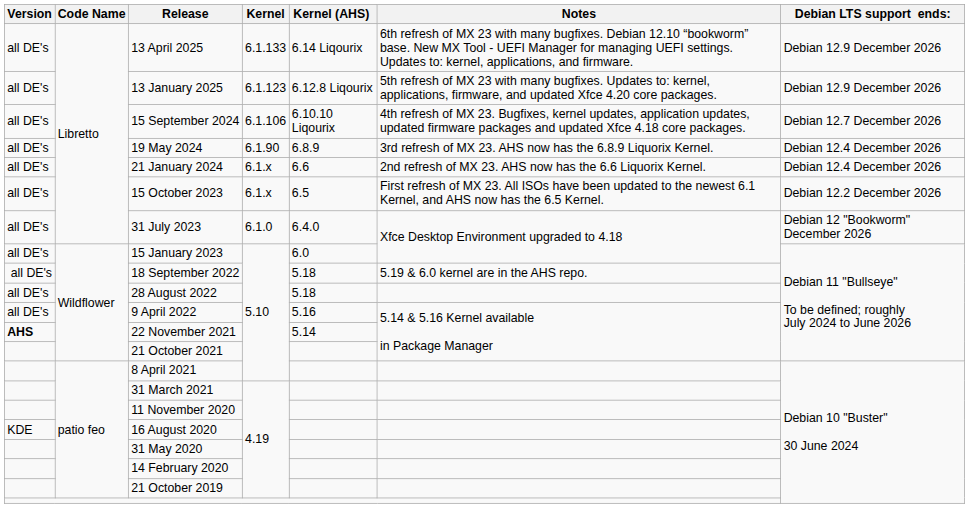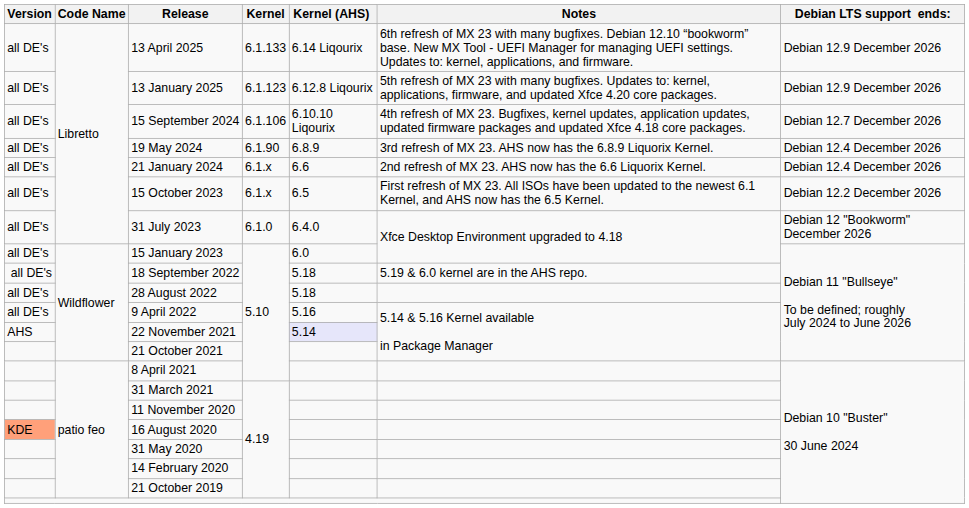 <table class="wikitable">
 <tr>
 <th>Version</th>
 <th>Code Name</th>
 <th>Release</th>
 <th>Kernel</th>
 <th>Kernel (AHS) </th>
 <th>Notes</th>
 <th>Debian LTS support  ends:</th>
 </tr>
 <tr>
 <td> all DE's</td>
 <td rowspan="7">Libretto</td>
 <td>13 April 2025</td>
 <td>6.1.133</td>
 <td>6.14 Liqourix</td>
 <td>6th refresh of MX 23 with many bugfixes. Debian 12.10 “bookworm” base. New MX Tool - UEFI Manager for managing UEFI settings. Updates to: kernel, applications, and firmware.</td>
 <td>Debian 12.9  December 2026</td>
 </tr>
 <tr>
 <td> all DE's</td>
 <td>13 January 2025</td>
 <td>6.1.123</td>
 <td>6.12.8 Liqourix</td>
 <td>5th refresh of MX 23 with many bugfixes. Updates to: kernel, applications, firmware, and updated Xfce 4.20 core packages.</td>
 <td>Debian 12.9  December 2026</td>
 </tr>
 <tr>
 <td> all DE's</td>
 <td>15 September 2024</td>
 <td>6.1.106</td>
 <td>6.10.10 Liqourix</td>
 <td>4th refresh of MX 23. Bugfixes, kernel updates, application updates, updated firmware packages and updated Xfce 4.18 core packages.</td>
 <td>Debian 12.7  December 2026</td>
 </tr>
 <tr>
 <td> all DE's</td>
 <td>19 May 2024</td>
 <td>6.1.90</td>
 <td>6.8.9</td>
 <td>3rd refresh of MX 23. AHS now has the 6.8.9 Liquorix Kernel.</td>
 <td>Debian 12.4  December 2026</td>
 </tr>
 <tr>
 <td> all DE's</td>
 <td>21 January 2024</td>
 <td>6.1.x</td>
 <td>6.6</td>
 <td>2nd refresh of MX 23. AHS now has the 6.6 Liquorix Kernel.</td>
 <td>Debian 12.4  December 2026</td>
 </tr>
 <tr>
 <td> all DE's</td>
 <td>15 October 2023</td>
 <td>6.1.x</td>
 <td>6.5</td>
 <td>First refresh of MX 23. All ISOs have been updated to the newest 6.1 Kernel, and AHS now has the 6.5 Kernel.</td>
 <td>Debian 12.2  December 2026</td>
 </tr>
 <tr>
 <td> all DE's</td>
 <td>31 July 2023</td>
 <td>6.1.0</td>
 <td>6.4.0</td>
 <td rowspan=2>Xfce Desktop Environment upgraded to 4.18</td>
 <td>Debian 12 "Bookworm"  December 2026</td>
 </tr>
 <tr>
 <td> all DE's</td>
 <td rowspan="6">Wildflower</td>
 <td>15 January 2023</td>
 <td rowspan="7">5.10</td>
 <td>6.0</td>
 <td rowspan="6">Debian 11 "Bullseye" <br><br>To be defined; roughly<br> July 2024 to June 2026</td>
 </tr>
 <tr>
 <td> all DE's</td>
 <td>18 September 2022</td>
 <td>5.18</td>
 <td>5.19 & 6.0 kernel are in the AHS repo.</td>
 </tr>
 <tr>
 <td> all DE's</td>
 <td>28 August 2022</td>
 <td>5.18</td>
 <td></td>
 </tr>
 <tr>
 <td> all DE's</td>
 <td>9 April 2022</td>
 <td>5.16</td>
 <td rowspan="3">5.14 & 5.16 Kernel available<br><br>in Package Manager</td>
 </tr>
 <tr>
-<td><strong> AHS</strong></td>
+<td> AHS</td>
 <td>22 November 2021</td>
-<td>5.14</td>
+<td style="background: lavender;">5.14</td>
 </tr>
 <tr>
 <td></td>
 <td>21 October 2021</td>
 <td></td>
 </tr>
 <tr>
 <td></td>
 <td rowspan="7">patio feo</td>
 <td>8 April 2021</td>
 <td></td>
 <td></td>
 <td rowspan="8">Debian 10 "Buster" <br><br>30 June 2024</td>
 </tr>
 <tr>
 <td></td>
 <td>31 March 2021</td>
 <td rowspan="6">4.19</td>
 <td></td>
 <td></td>
 </tr>
 <tr>
 <td></td>
 <td>11 November 2020</td>
 <td></td>
 <td></td>
 </tr>
 <tr>
-<td> KDE</td>
+<td style="background: lightsalmon;"> KDE</td>
 <td>16 August 2020</td>
 <td></td>
 <td></td>
 </tr>
 <tr>
 <td></td>
 <td>31 May 2020</td>
 <td></td>
 <td></td>
 </tr>
 <tr>
 <td></td>
 <td>14 February 2020</td>
 <td></td>
 </tr>
 <tr>
 <td></td>
 <td>21 October 2019</td>
 <td></td>
 <td></td>
 </tr>
 <tr>
 <td colspan=6></td>
 </tr>
 </table>
